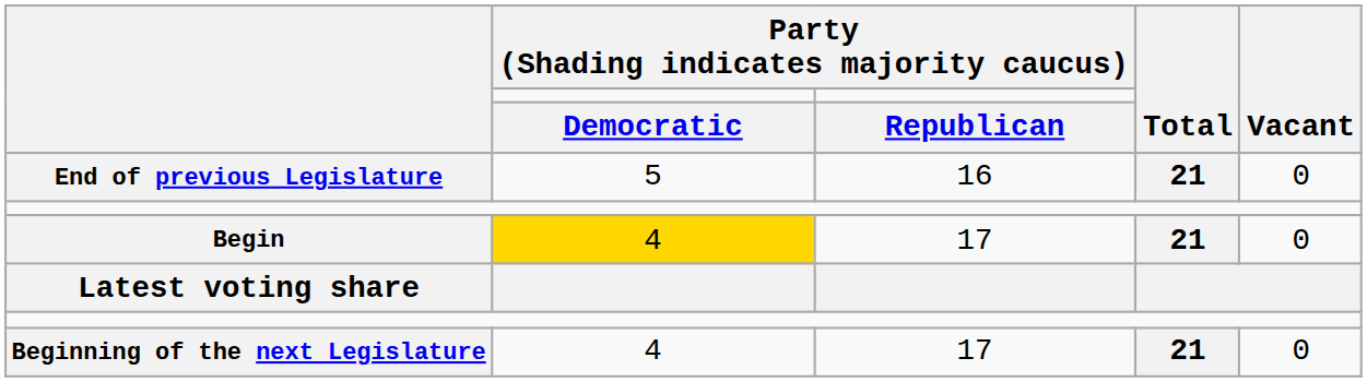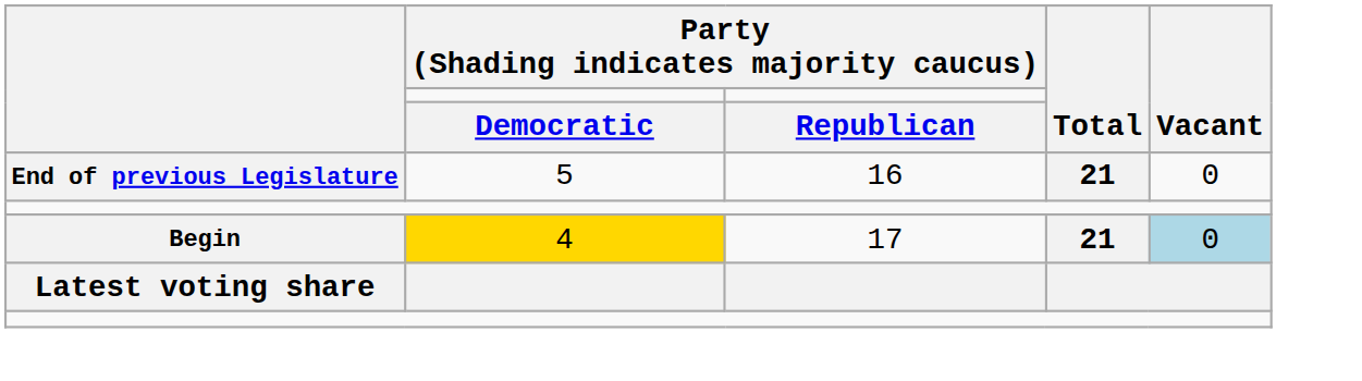 <table class=wikitable style="text-align:center">
 <tr style="vertical-align:bottom;">
 <th rowspan=3></th>
 <th colspan=2>Party <div>(Shading indicates majority caucus)</div></th>
 <th rowspan=3>Total</th>
 <th rowspan=3>Vacant</th>
 </tr>
 <tr style="height:5px">
 <td style="background-color:"></td>
 <td style="background-color:"></td>
 </tr>
 <tr>
 <th><a href='#'>Democratic</a></th>
 <th><a href='#'>Republican</a></th>
 </tr>
 <tr>
 <th style="white-space:nowrap; font-size:80%;">End of <a href='#'>previous Legislature</a></th>
 <td>5</td>
 <td>16</td>
 <th>21</th>
 <td>0</td>
 </tr>
 <tr>
 <td colspan=5></td>
 </tr>
 <tr>
 <th style="font-size:80%">Begin</th>
 <td style="background: gold;">4</td>
 <td>17</td>
 <th>21</th>
-<td>0</td>
+<td style="background: lightblue;">0</td>
 </tr>
 <tr>
 <th>Latest voting share</th>
 <th></th>
 <th></th>
 <th colspan=2></th>
 </tr>
 <tr>
 <td colspan=5></td>
 </tr>
-<tr>
-<th style="white-space:nowrap; font-size:80%;">Beginning of the <a href='#'>next Legislature</a></th>
-<td>4</td>
-<td>17</td>
-<th>21</th>
-<td>0</td>
-</tr>
 </table>
